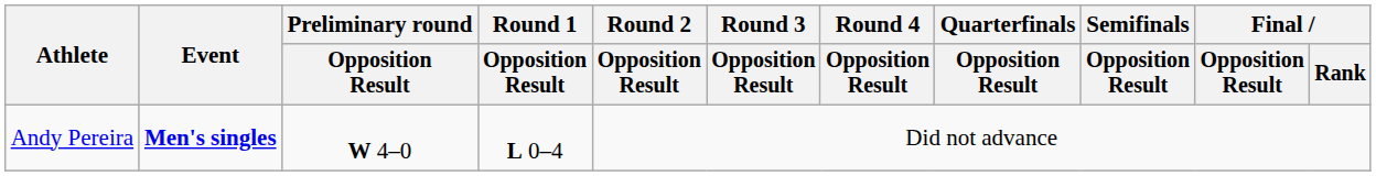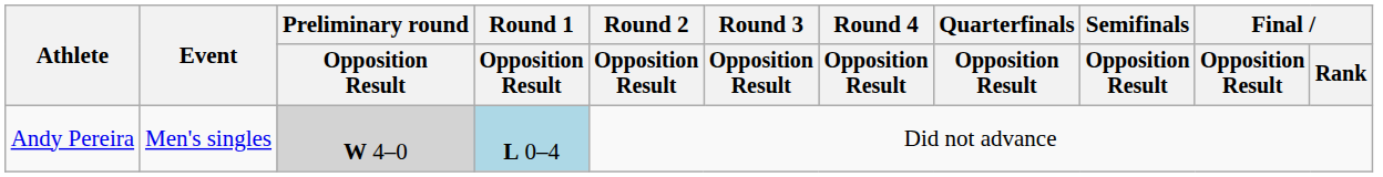 <table class="wikitable" style="font-size:90%;">
 <tr>
 <th rowspan=2>Athlete</th>
 <th rowspan=2>Event</th>
 <th>Preliminary round</th>
 <th>Round 1</th>
 <th>Round 2</th>
 <th>Round 3</th>
 <th>Round 4</th>
 <th>Quarterfinals</th>
 <th>Semifinals</th>
 <th colspan=2>Final / </th>
 </tr>
 <tr style="font-size:95%">
 <th>Opposition<br>Result</th>
 <th>Opposition<br>Result</th>
 <th>Opposition<br>Result</th>
 <th>Opposition<br>Result</th>
 <th>Opposition<br>Result</th>
 <th>Opposition<br>Result</th>
 <th>Opposition<br>Result</th>
 <th>Opposition<br>Result</th>
 <th>Rank</th>
 </tr>
 <tr align=center>
 <td align=left><a href='#'>Andy Pereira</a></td>
-<td align=left><strong><a href='#'>Men's singles</a></strong></td>
-<td><br><strong>W</strong> 4–0</td>
-<td><br><strong>L</strong> 0–4</td>
+<td align=left><a href='#'>Men's singles</a></td>
+<td style="background: lightgrey;"><br><strong>W</strong> 4–0</td>
+<td style="background: lightblue;"><br><strong>L</strong> 0–4</td>
 <td colspan=7>Did not advance</td>
 </tr>
 </table>
